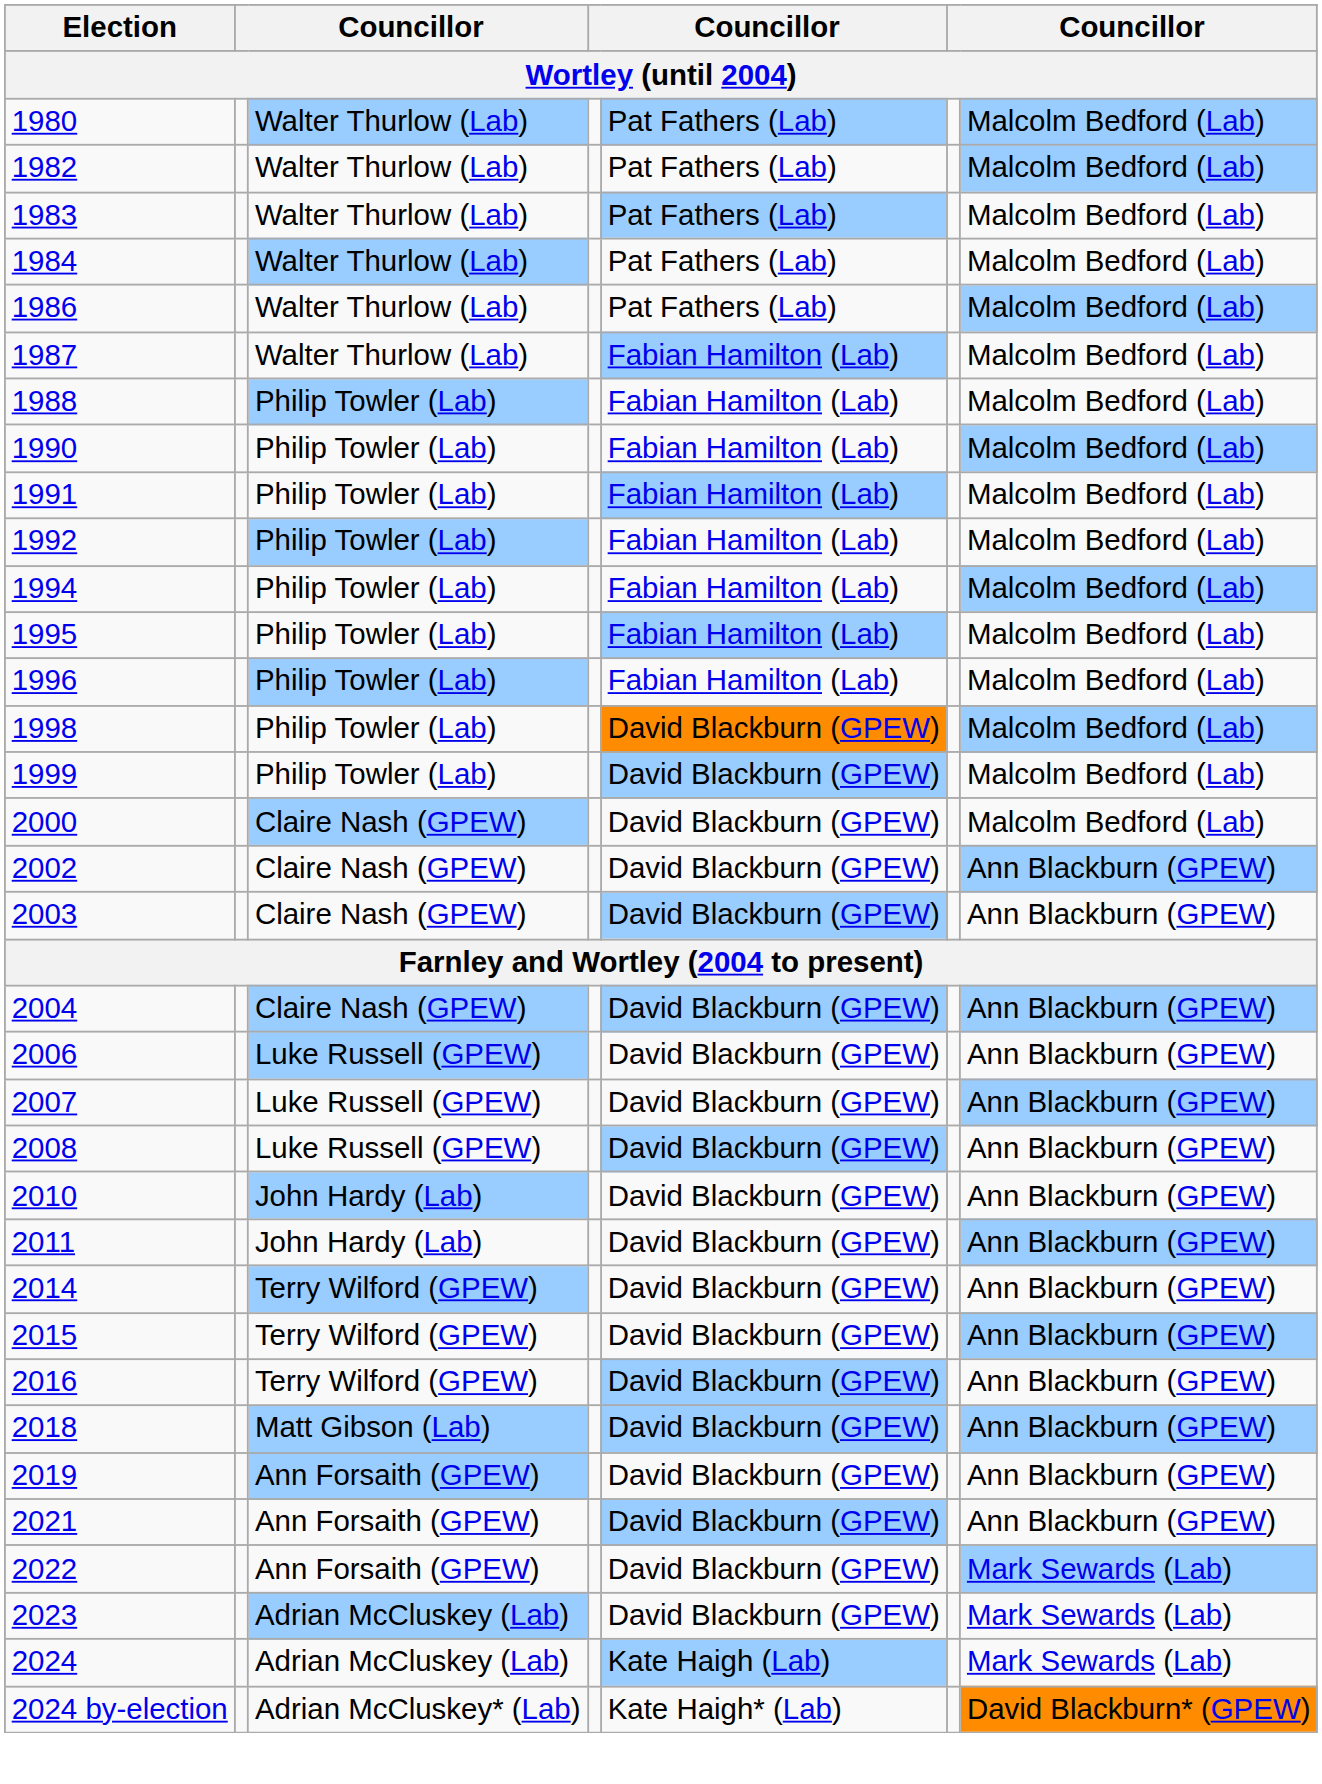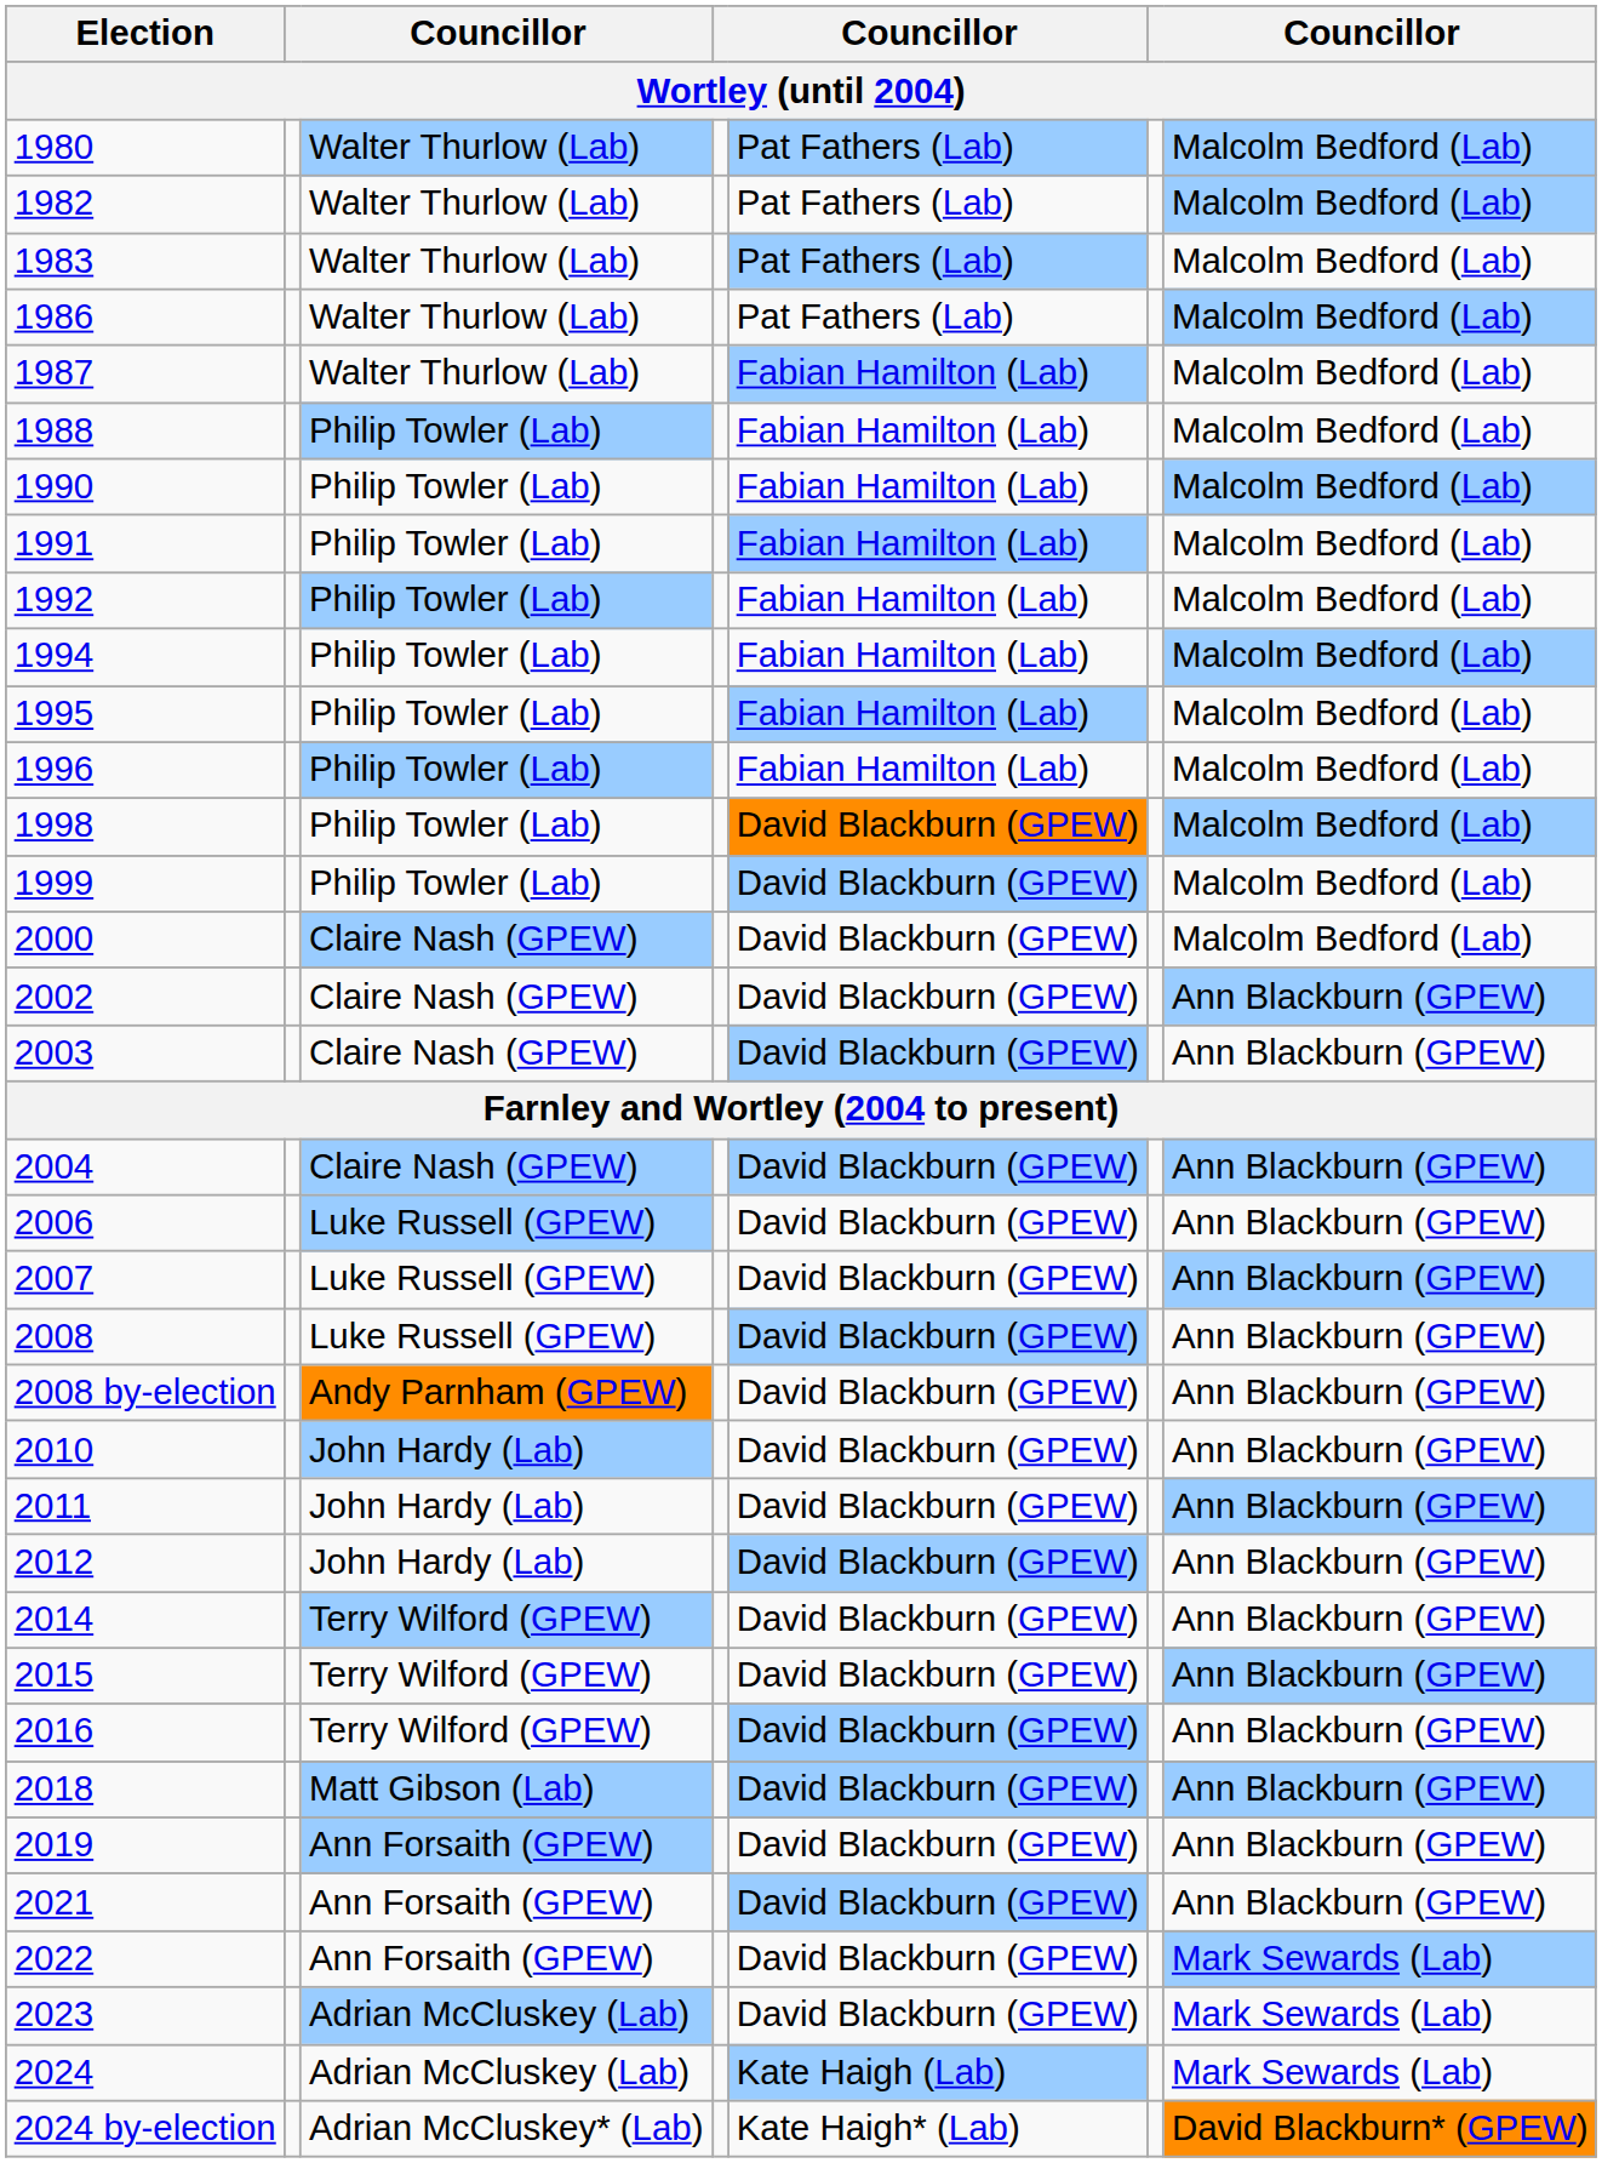 <table class="wikitable">
 <tr>
 <th>Election</th>
 <th colspan="2">Councillor</th>
 <th colspan="2">Councillor</th>
 <th colspan="2">Councillor</th>
 </tr>
 <tr>
 <th colspan=7><a href='#'>Wortley</a> (until <a href='#'>2004</a>)</th>
 </tr>
 <tr>
 <td><a href='#'>1980</a></td>
 <td style="background-color: "></td>
 <td bgcolor="#99CCFF">Walter Thurlow (<a href='#'>Lab</a>)</td>
 <td style="background-color: "></td>
 <td bgcolor="#99CCFF">Pat Fathers (<a href='#'>Lab</a>)</td>
 <td style="background-color: "></td>
 <td bgcolor="#99CCFF">Malcolm Bedford (<a href='#'>Lab</a>)</td>
 </tr>
 <tr>
 <td><a href='#'>1982</a></td>
 <td style="background-color: "></td>
 <td>Walter Thurlow (<a href='#'>Lab</a>)</td>
 <td style="background-color: "></td>
 <td>Pat Fathers (<a href='#'>Lab</a>)</td>
 <td style="background-color: "></td>
 <td bgcolor="#99CCFF">Malcolm Bedford (<a href='#'>Lab</a>)</td>
 </tr>
 <tr>
 <td><a href='#'>1983</a></td>
 <td style="background-color: "></td>
 <td>Walter Thurlow (<a href='#'>Lab</a>)</td>
 <td style="background-color: "></td>
 <td bgcolor="#99CCFF">Pat Fathers (<a href='#'>Lab</a>)</td>
-<td style="background-color: "></td>
-<td>Malcolm Bedford (<a href='#'>Lab</a>)</td>
-</tr>
-<tr>
-<td><a href='#'>1984</a></td>
-<td style="background-color: "></td>
-<td bgcolor="#99CCFF">Walter Thurlow (<a href='#'>Lab</a>)</td>
-<td style="background-color: "></td>
-<td>Pat Fathers (<a href='#'>Lab</a>)</td>
 <td style="background-color: "></td>
 <td>Malcolm Bedford (<a href='#'>Lab</a>)</td>
 </tr>
 <tr>
 <td><a href='#'>1986</a></td>
 <td style="background-color: "></td>
 <td>Walter Thurlow (<a href='#'>Lab</a>)</td>
 <td style="background-color: "></td>
 <td>Pat Fathers (<a href='#'>Lab</a>)</td>
 <td style="background-color: "></td>
 <td bgcolor="#99CCFF">Malcolm Bedford (<a href='#'>Lab</a>)</td>
 </tr>
 <tr>
 <td><a href='#'>1987</a></td>
 <td style="background-color: "></td>
 <td>Walter Thurlow (<a href='#'>Lab</a>)</td>
 <td style="background-color: "></td>
 <td bgcolor="#99CCFF"><a href='#'>Fabian Hamilton</a> (<a href='#'>Lab</a>)</td>
 <td style="background-color: "></td>
 <td>Malcolm Bedford (<a href='#'>Lab</a>)</td>
 </tr>
 <tr>
 <td><a href='#'>1988</a></td>
 <td style="background-color: "></td>
 <td bgcolor="#99CCFF">Philip Towler (<a href='#'>Lab</a>)</td>
 <td style="background-color: "></td>
 <td><a href='#'>Fabian Hamilton</a> (<a href='#'>Lab</a>)</td>
 <td style="background-color: "></td>
 <td>Malcolm Bedford (<a href='#'>Lab</a>)</td>
 </tr>
 <tr>
 <td><a href='#'>1990</a></td>
 <td style="background-color: "></td>
 <td>Philip Towler (<a href='#'>Lab</a>)</td>
 <td style="background-color: "></td>
 <td><a href='#'>Fabian Hamilton</a> (<a href='#'>Lab</a>)</td>
 <td style="background-color: "></td>
 <td bgcolor="#99CCFF">Malcolm Bedford (<a href='#'>Lab</a>)</td>
 </tr>
 <tr>
 <td><a href='#'>1991</a></td>
 <td style="background-color: "></td>
 <td>Philip Towler (<a href='#'>Lab</a>)</td>
 <td style="background-color: "></td>
 <td bgcolor="#99CCFF"><a href='#'>Fabian Hamilton</a> (<a href='#'>Lab</a>)</td>
 <td style="background-color: "></td>
 <td>Malcolm Bedford (<a href='#'>Lab</a>)</td>
 </tr>
 <tr>
 <td><a href='#'>1992</a></td>
 <td style="background-color: "></td>
 <td bgcolor="#99CCFF">Philip Towler (<a href='#'>Lab</a>)</td>
 <td style="background-color: "></td>
 <td><a href='#'>Fabian Hamilton</a> (<a href='#'>Lab</a>)</td>
 <td style="background-color: "></td>
 <td>Malcolm Bedford (<a href='#'>Lab</a>)</td>
 </tr>
 <tr>
 <td><a href='#'>1994</a></td>
 <td style="background-color: "></td>
 <td>Philip Towler (<a href='#'>Lab</a>)</td>
 <td style="background-color: "></td>
 <td><a href='#'>Fabian Hamilton</a> (<a href='#'>Lab</a>)</td>
 <td style="background-color: "></td>
 <td bgcolor="#99CCFF">Malcolm Bedford (<a href='#'>Lab</a>)</td>
 </tr>
 <tr>
 <td><a href='#'>1995</a></td>
 <td style="background-color: "></td>
 <td>Philip Towler (<a href='#'>Lab</a>)</td>
 <td style="background-color: "></td>
 <td bgcolor="#99CCFF"><a href='#'>Fabian Hamilton</a> (<a href='#'>Lab</a>)</td>
 <td style="background-color: "></td>
 <td>Malcolm Bedford (<a href='#'>Lab</a>)</td>
 </tr>
 <tr>
 <td><a href='#'>1996</a></td>
 <td style="background-color: "></td>
 <td bgcolor="#99CCFF">Philip Towler (<a href='#'>Lab</a>)</td>
 <td style="background-color: "></td>
 <td><a href='#'>Fabian Hamilton</a> (<a href='#'>Lab</a>)</td>
 <td style="background-color: "></td>
 <td>Malcolm Bedford (<a href='#'>Lab</a>)</td>
 </tr>
 <tr>
 <td><a href='#'>1998</a></td>
 <td style="background-color: "></td>
 <td>Philip Towler (<a href='#'>Lab</a>)</td>
 <td style="background-color: "></td>
 <td bgcolor="#FF8C00">David Blackburn (<a href='#'>GPEW</a>)</td>
 <td style="background-color: "></td>
 <td bgcolor="#99CCFF">Malcolm Bedford (<a href='#'>Lab</a>)</td>
 </tr>
 <tr>
 <td><a href='#'>1999</a></td>
 <td style="background-color: "></td>
 <td>Philip Towler (<a href='#'>Lab</a>)</td>
 <td style="background-color: "></td>
 <td bgcolor="#99CCFF">David Blackburn (<a href='#'>GPEW</a>)</td>
 <td style="background-color: "></td>
 <td>Malcolm Bedford (<a href='#'>Lab</a>)</td>
 </tr>
 <tr>
 <td><a href='#'>2000</a></td>
 <td style="background-color: "></td>
 <td bgcolor="#99CCFF">Claire Nash (<a href='#'>GPEW</a>)</td>
 <td style="background-color: "></td>
 <td>David Blackburn (<a href='#'>GPEW</a>)</td>
 <td style="background-color: "></td>
 <td>Malcolm Bedford (<a href='#'>Lab</a>)</td>
 </tr>
 <tr>
 <td><a href='#'>2002</a></td>
 <td style="background-color: "></td>
 <td>Claire Nash (<a href='#'>GPEW</a>)</td>
 <td style="background-color: "></td>
 <td>David Blackburn (<a href='#'>GPEW</a>)</td>
 <td style="background-color: "></td>
 <td bgcolor="#99CCFF">Ann Blackburn (<a href='#'>GPEW</a>)</td>
 </tr>
 <tr>
 <td><a href='#'>2003</a></td>
 <td style="background-color: "></td>
 <td>Claire Nash (<a href='#'>GPEW</a>)</td>
 <td style="background-color: "></td>
 <td bgcolor="#99CCFF">David Blackburn (<a href='#'>GPEW</a>)</td>
 <td style="background-color: "></td>
 <td>Ann Blackburn (<a href='#'>GPEW</a>)</td>
 </tr>
 <tr>
 <th colspan=7>Farnley and Wortley (<a href='#'>2004</a> to present)</th>
 </tr>
 <tr>
 <td><a href='#'>2004</a></td>
 <td style="background-color: "></td>
 <td bgcolor="#99CCFF">Claire Nash (<a href='#'>GPEW</a>)</td>
 <td style="background-color: "></td>
 <td bgcolor="#99CCFF">David Blackburn (<a href='#'>GPEW</a>)</td>
 <td style="background-color: "></td>
 <td bgcolor="#99CCFF">Ann Blackburn (<a href='#'>GPEW</a>)</td>
 </tr>
 <tr>
 <td><a href='#'>2006</a></td>
 <td style="background-color: "></td>
 <td bgcolor="#99CCFF">Luke Russell (<a href='#'>GPEW</a>)</td>
 <td style="background-color: "></td>
 <td>David Blackburn (<a href='#'>GPEW</a>)</td>
 <td style="background-color: "></td>
 <td>Ann Blackburn (<a href='#'>GPEW</a>)</td>
 </tr>
 <tr>
 <td><a href='#'>2007</a></td>
 <td style="background-color: "></td>
 <td>Luke Russell (<a href='#'>GPEW</a>)</td>
 <td style="background-color: "></td>
 <td>David Blackburn (<a href='#'>GPEW</a>)</td>
 <td style="background-color: "></td>
 <td bgcolor="#99CCFF">Ann Blackburn (<a href='#'>GPEW</a>)</td>
 </tr>
 <tr>
 <td><a href='#'>2008</a></td>
 <td style="background-color: "></td>
 <td>Luke Russell (<a href='#'>GPEW</a>)</td>
 <td style="background-color: "></td>
 <td bgcolor="#99CCFF">David Blackburn (<a href='#'>GPEW</a>)</td>
 <td style="background-color: "></td>
 <td>Ann Blackburn (<a href='#'>GPEW</a>)</td>
 </tr>
 <tr>
+<td><a href='#'>2008 by-election</a></td>
+<td style="background-color: "></td>
+<td bgcolor="#FF8C00">Andy Parnham (<a href='#'>GPEW</a>)</td>
+<td style="background-color: "></td>
+<td>David Blackburn (<a href='#'>GPEW</a>)</td>
+<td style="background-color: "></td>
+<td>Ann Blackburn (<a href='#'>GPEW</a>)</td>
+</tr>
+<tr>
 <td><a href='#'>2010</a></td>
 <td style="background-color: "></td>
 <td bgcolor="#99CCFF">John Hardy (<a href='#'>Lab</a>)</td>
 <td style="background-color: "></td>
 <td>David Blackburn (<a href='#'>GPEW</a>)</td>
 <td style="background-color: "></td>
 <td>Ann Blackburn (<a href='#'>GPEW</a>)</td>
 </tr>
 <tr>
 <td><a href='#'>2011</a></td>
 <td style="background-color: "></td>
 <td>John Hardy (<a href='#'>Lab</a>)</td>
 <td style="background-color: "></td>
 <td>David Blackburn (<a href='#'>GPEW</a>)</td>
 <td style="background-color: "></td>
 <td bgcolor="#99CCFF">Ann Blackburn (<a href='#'>GPEW</a>)</td>
+</tr>
+<tr>
+<td><a href='#'>2012</a></td>
+<td style="background-color: "></td>
+<td>John Hardy (<a href='#'>Lab</a>)</td>
+<td style="background-color: "></td>
+<td bgcolor="#99CCFF">David Blackburn (<a href='#'>GPEW</a>)</td>
+<td style="background-color: "></td>
+<td>Ann Blackburn (<a href='#'>GPEW</a>)</td>
 </tr>
 <tr>
 <td><a href='#'>2014</a></td>
 <td style="background-color: "></td>
 <td bgcolor="#99CCFF">Terry Wilford (<a href='#'>GPEW</a>)</td>
 <td style="background-color: "></td>
 <td>David Blackburn (<a href='#'>GPEW</a>)</td>
 <td style="background-color: "></td>
 <td>Ann Blackburn (<a href='#'>GPEW</a>)</td>
 </tr>
 <tr>
 <td><a href='#'>2015</a></td>
 <td style="background-color: "></td>
 <td>Terry Wilford	(<a href='#'>GPEW</a>)</td>
 <td style="background-color: "></td>
 <td>David Blackburn (<a href='#'>GPEW</a>)</td>
 <td style="background-color: "></td>
 <td bgcolor="#99CCFF">Ann Blackburn (<a href='#'>GPEW</a>)</td>
 </tr>
 <tr>
 <td><a href='#'>2016</a></td>
 <td style="background-color: "></td>
 <td>Terry Wilford	(<a href='#'>GPEW</a>)</td>
 <td style="background-color: "></td>
 <td bgcolor="#99CCFF">David Blackburn (<a href='#'>GPEW</a>)</td>
 <td style="background-color: "></td>
 <td>Ann Blackburn (<a href='#'>GPEW</a>)</td>
 </tr>
 <tr>
 <td><a href='#'>2018</a></td>
 <td style="background-color: "></td>
 <td bgcolor="#99CCFF">Matt Gibson (<a href='#'>Lab</a>)</td>
 <td style="background-color: "></td>
 <td bgcolor="#99CCFF">David Blackburn (<a href='#'>GPEW</a>)</td>
 <td style="background-color: "></td>
 <td bgcolor="#99CCFF">Ann Blackburn (<a href='#'>GPEW</a>)</td>
 </tr>
 <tr>
 <td><a href='#'>2019</a></td>
 <td style="background-color: "></td>
 <td bgcolor="#99CCFF">Ann Forsaith (<a href='#'>GPEW</a>)</td>
 <td style="background-color: "></td>
 <td>David Blackburn (<a href='#'>GPEW</a>)</td>
 <td style="background-color: "></td>
 <td>Ann Blackburn (<a href='#'>GPEW</a>)</td>
 </tr>
 <tr>
 <td><a href='#'>2021</a></td>
 <td style="background-color: "></td>
 <td>Ann Forsaith (<a href='#'>GPEW</a>)</td>
 <td style="background-color: "></td>
 <td bgcolor="#99CCFF">David Blackburn (<a href='#'>GPEW</a>)</td>
 <td style="background-color: "></td>
 <td>Ann Blackburn (<a href='#'>GPEW</a>)</td>
 </tr>
 <tr>
 <td><a href='#'>2022</a></td>
 <td style="background-color: "></td>
 <td>Ann Forsaith (<a href='#'>GPEW</a>)</td>
 <td style="background-color: "></td>
 <td>David Blackburn (<a href='#'>GPEW</a>)</td>
 <td style="background-color: "></td>
 <td bgcolor="#99CCFF"><a href='#'>Mark Sewards</a> (<a href='#'>Lab</a>)</td>
 </tr>
 <tr>
 <td><a href='#'>2023</a></td>
 <td style="background-color: "></td>
 <td bgcolor="#99CCFF">Adrian McCluskey (<a href='#'>Lab</a>)</td>
 <td style="background-color: "></td>
 <td>David Blackburn (<a href='#'>GPEW</a>)</td>
 <td style="background-color: "></td>
 <td><a href='#'>Mark Sewards</a> (<a href='#'>Lab</a>)</td>
 </tr>
 <tr>
 <td><a href='#'>2024</a></td>
 <td style="background-color: "></td>
 <td>Adrian McCluskey (<a href='#'>Lab</a>)</td>
 <td style="background-color: "></td>
 <td bgcolor="#99CCFF">Kate Haigh (<a href='#'>Lab</a>)</td>
 <td style="background-color: "></td>
 <td><a href='#'>Mark Sewards</a> (<a href='#'>Lab</a>)</td>
 </tr>
 <tr>
 <td><a href='#'>2024 by-election</a></td>
 <td style="background-color: "></td>
 <td>Adrian McCluskey* (<a href='#'>Lab</a>)</td>
 <td style="background-color: "></td>
 <td>Kate Haigh* (<a href='#'>Lab</a>)</td>
 <td style="background-color: "></td>
 <td bgcolor="#FF8C00">David Blackburn* (<a href='#'>GPEW</a>)</td>
 </tr>
 </table>
